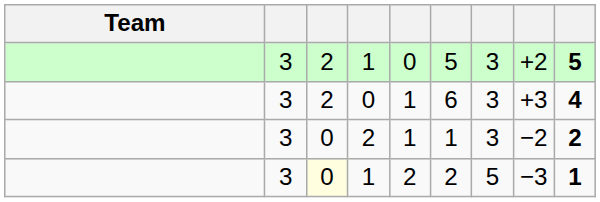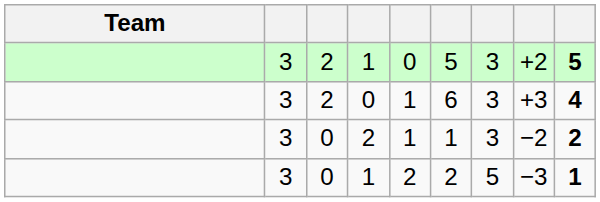 <table class="wikitable" style="text-align:center">
 <tr>
 <th width=165>Team</th>
 <th width=20></th>
 <th width=20></th>
 <th width=20></th>
 <th width=20></th>
 <th width=20></th>
 <th width=20></th>
 <th width=20></th>
 <th width=20></th>
 </tr>
 <tr style="background:#cfc;">
 <td align=left></td>
 <td>3</td>
 <td>2</td>
 <td>1</td>
 <td>0</td>
 <td>5</td>
 <td>3</td>
 <td>+2</td>
 <td><strong>5</strong></td>
 </tr>
 <tr>
 <td align=left></td>
 <td>3</td>
 <td>2</td>
 <td>0</td>
 <td>1</td>
 <td>6</td>
 <td>3</td>
 <td>+3</td>
 <td><strong>4</strong></td>
 </tr>
 <tr>
 <td align=left></td>
 <td>3</td>
 <td>0</td>
 <td>2</td>
 <td>1</td>
 <td>1</td>
 <td>3</td>
 <td>−2</td>
 <td><strong>2</strong></td>
 </tr>
 <tr>
 <td align=left></td>
 <td>3</td>
-<td style="background: lightyellow;">0</td>
+<td>0</td>
 <td>1</td>
 <td>2</td>
 <td>2</td>
 <td>5</td>
 <td>−3</td>
 <td><strong>1</strong></td>
 </tr>
 </table>
